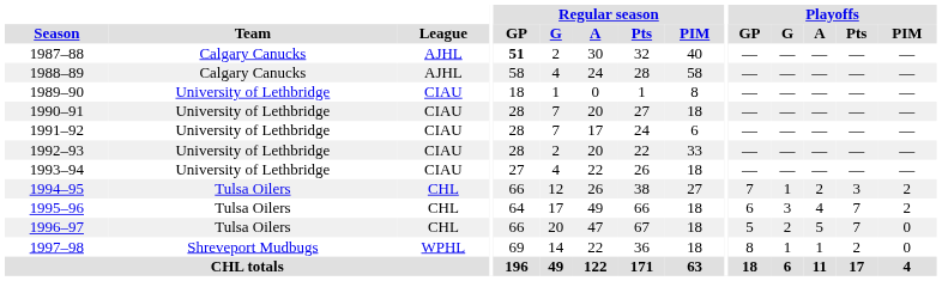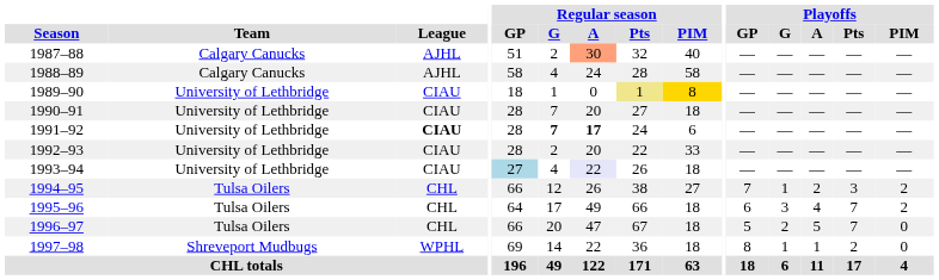 <table border="0" cellpadding="1" cellspacing="0" style="text-align:center; width:60em">
 <tr bgcolor="#e0e0e0">
 <th colspan="3" bgcolor="#ffffff"></th>
 <th rowspan="99" bgcolor="#ffffff"></th>
 <th colspan="5"><a href='#'>Regular season</a></th>
 <th rowspan="99" bgcolor="#ffffff"></th>
 <th colspan="5"><a href='#'>Playoffs</a></th>
 </tr>
 <tr bgcolor="#e0e0e0">
 <th><a href='#'>Season</a></th>
 <th>Team</th>
 <th>League</th>
 <th>GP</th>
 <th><a href='#'>G</a></th>
 <th><a href='#'>A</a></th>
 <th><a href='#'>Pts</a></th>
 <th><a href='#'>PIM</a></th>
 <th>GP</th>
 <th>G</th>
 <th>A</th>
 <th>Pts</th>
 <th>PIM</th>
 </tr>
 <tr>
 <td>1987–88</td>
 <td><a href='#'>Calgary Canucks</a></td>
 <td><a href='#'>AJHL</a></td>
-<td><strong>51</strong></td>
+<td>51</td>
 <td>2</td>
-<td>30</td>
+<td style="background: lightsalmon;">30</td>
 <td>32</td>
 <td>40</td>
 <td>—</td>
 <td>—</td>
 <td>—</td>
 <td>—</td>
 <td>—</td>
 </tr>
 <tr bgcolor="#f0f0f0">
 <td>1988–89</td>
 <td>Calgary Canucks</td>
 <td>AJHL</td>
 <td>58</td>
 <td>4</td>
 <td>24</td>
 <td>28</td>
 <td>58</td>
 <td>—</td>
 <td>—</td>
 <td>—</td>
 <td>—</td>
 <td>—</td>
 </tr>
 <tr>
 <td>1989–90</td>
 <td><a href='#'>University of Lethbridge</a></td>
 <td><a href='#'>CIAU</a></td>
 <td>18</td>
 <td>1</td>
 <td>0</td>
-<td>1</td>
-<td>8</td>
+<td style="background: khaki;">1</td>
+<td style="background: gold;">8</td>
 <td>—</td>
 <td>—</td>
 <td>—</td>
 <td>—</td>
 <td>—</td>
 </tr>
 <tr bgcolor="#f0f0f0">
 <td>1990–91</td>
 <td>University of Lethbridge</td>
 <td>CIAU</td>
 <td>28</td>
 <td>7</td>
 <td>20</td>
 <td>27</td>
 <td>18</td>
 <td>—</td>
 <td>—</td>
 <td>—</td>
 <td>—</td>
 <td>—</td>
 </tr>
 <tr>
 <td>1991–92</td>
 <td>University of Lethbridge</td>
-<td>CIAU</td>
+<td><strong>CIAU</strong></td>
 <td>28</td>
-<td>7</td>
-<td>17</td>
+<td><strong>7</strong></td>
+<td><strong>17</strong></td>
 <td>24</td>
 <td>6</td>
 <td>—</td>
 <td>—</td>
 <td>—</td>
 <td>—</td>
 <td>—</td>
 </tr>
 <tr bgcolor="#f0f0f0">
 <td>1992–93</td>
 <td>University of Lethbridge</td>
 <td>CIAU</td>
 <td>28</td>
 <td>2</td>
 <td>20</td>
 <td>22</td>
 <td>33</td>
 <td>—</td>
 <td>—</td>
 <td>—</td>
 <td>—</td>
 <td>—</td>
 </tr>
 <tr>
 <td>1993–94</td>
 <td>University of Lethbridge</td>
 <td>CIAU</td>
-<td>27</td>
+<td style="background: lightblue;">27</td>
 <td>4</td>
-<td>22</td>
+<td style="background: lavender;">22</td>
 <td>26</td>
 <td>18</td>
 <td>—</td>
 <td>—</td>
 <td>—</td>
 <td>—</td>
 <td>—</td>
 </tr>
 <tr bgcolor="#f0f0f0">
 <td><a href='#'>1994–95</a></td>
 <td><a href='#'>Tulsa Oilers</a></td>
 <td><a href='#'>CHL</a></td>
 <td>66</td>
 <td>12</td>
 <td>26</td>
 <td>38</td>
 <td>27</td>
 <td>7</td>
 <td>1</td>
 <td>2</td>
 <td>3</td>
 <td>2</td>
 </tr>
 <tr>
 <td><a href='#'>1995–96</a></td>
 <td>Tulsa Oilers</td>
 <td>CHL</td>
 <td>64</td>
 <td>17</td>
 <td>49</td>
 <td>66</td>
 <td>18</td>
 <td>6</td>
 <td>3</td>
 <td>4</td>
 <td>7</td>
 <td>2</td>
 </tr>
 <tr bgcolor="#f0f0f0">
 <td><a href='#'>1996–97</a></td>
 <td>Tulsa Oilers</td>
 <td>CHL</td>
 <td>66</td>
 <td>20</td>
 <td>47</td>
 <td>67</td>
 <td>18</td>
 <td>5</td>
 <td>2</td>
 <td>5</td>
 <td>7</td>
 <td>0</td>
 </tr>
 <tr>
 <td><a href='#'>1997–98</a></td>
 <td><a href='#'>Shreveport Mudbugs</a></td>
 <td><a href='#'>WPHL</a></td>
 <td>69</td>
 <td>14</td>
 <td>22</td>
 <td>36</td>
 <td>18</td>
 <td>8</td>
 <td>1</td>
 <td>1</td>
 <td>2</td>
 <td>0</td>
 </tr>
 <tr>
 </tr>
 <tr ALIGN="center" bgcolor="#e0e0e0">
 <th colspan="3">CHL totals</th>
 <th ALIGN="center">196</th>
 <th ALIGN="center">49</th>
 <th ALIGN="center">122</th>
 <th ALIGN="center">171</th>
 <th ALIGN="center">63</th>
 <th ALIGN="center">18</th>
 <th ALIGN="center">6</th>
 <th ALIGN="center">11</th>
 <th ALIGN="center">17</th>
 <th ALIGN="center">4</th>
 </tr>
 </table>
